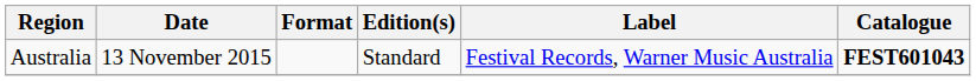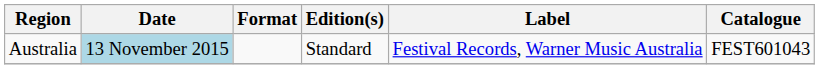 <table class="wikitable plainrowheaders">
 <tr>
 <th scope="col">Region</th>
 <th scope="col">Date</th>
 <th scope="col">Format</th>
 <th scope="col">Edition(s)</th>
 <th scope="col">Label</th>
 <th scope="col">Catalogue</th>
 </tr>
 <tr>
 <td>Australia</td>
-<td>13 November 2015</td>
+<td style="background: lightblue;">13 November 2015</td>
 <td></td>
 <td>Standard</td>
 <td><a href='#'>Festival Records</a>, <a href='#'>Warner Music Australia</a></td>
-<td><strong>FEST601043</strong></td>
+<td>FEST601043</td>
 </tr>
 <tr>
 </tr>
 </table>
